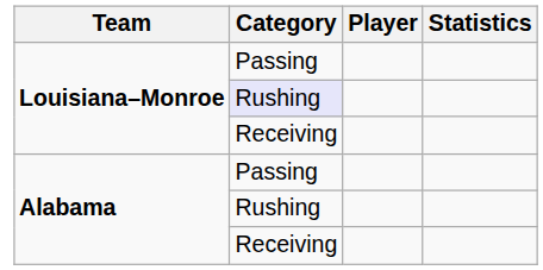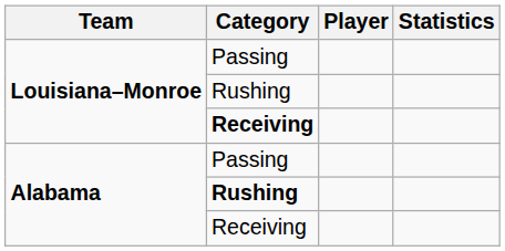 <table class="wikitable" style="float: right;">
 <tr>
 <th>Team</th>
 <th>Category</th>
 <th>Player</th>
 <th>Statistics</th>
 </tr>
 <tr>
 <td rowspan=3><strong>Louisiana–Monroe</strong></td>
 <td>Passing</td>
 <td></td>
 <td></td>
 </tr>
 <tr>
-<td style="background: lavender;">Rushing</td>
+<td>Rushing</td>
 <td></td>
 <td></td>
 </tr>
 <tr>
-<td>Receiving</td>
+<td><strong>Receiving</strong></td>
 <td></td>
 <td></td>
 </tr>
 <tr>
 <td rowspan=3><strong>Alabama</strong></td>
 <td>Passing</td>
 <td></td>
 <td></td>
 </tr>
 <tr>
-<td>Rushing</td>
+<td><strong>Rushing</strong></td>
 <td></td>
 <td></td>
 </tr>
 <tr>
 <td>Receiving</td>
 <td></td>
 <td></td>
 </tr>
 </table>
